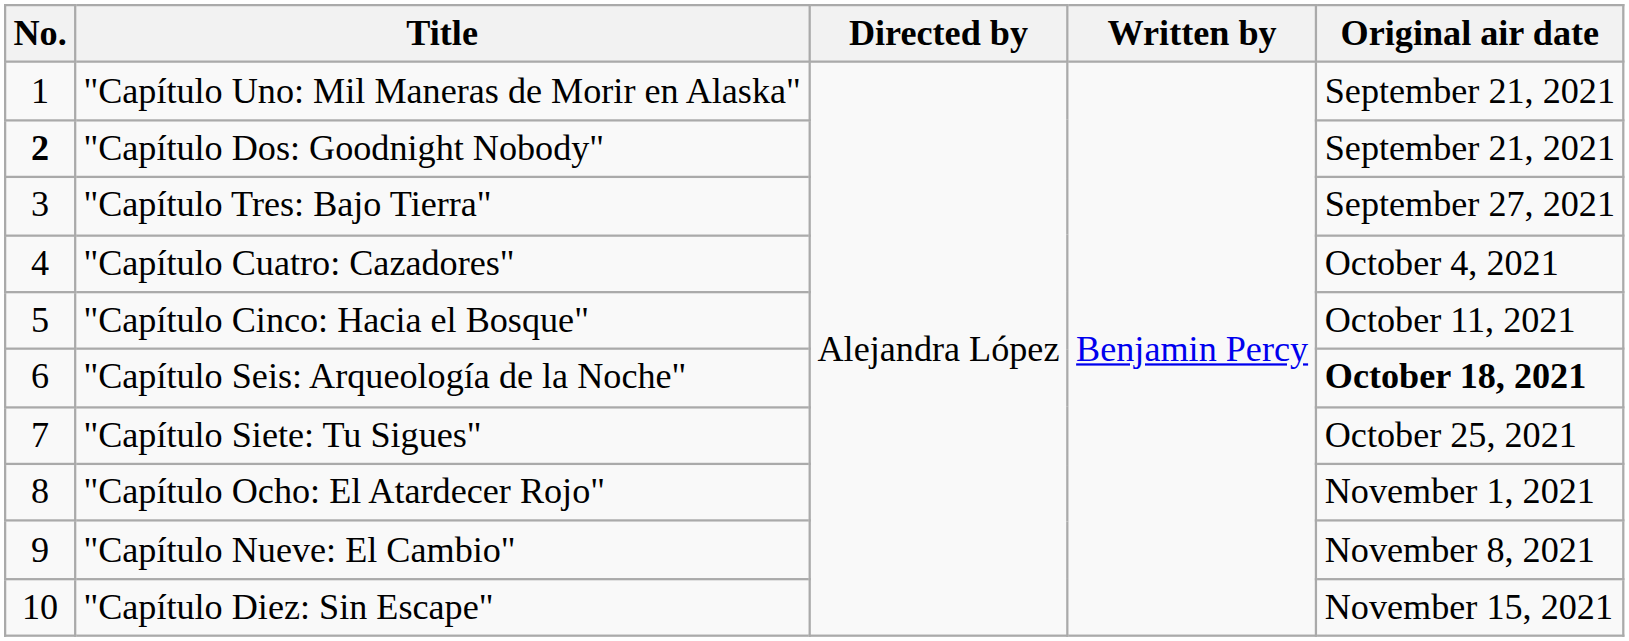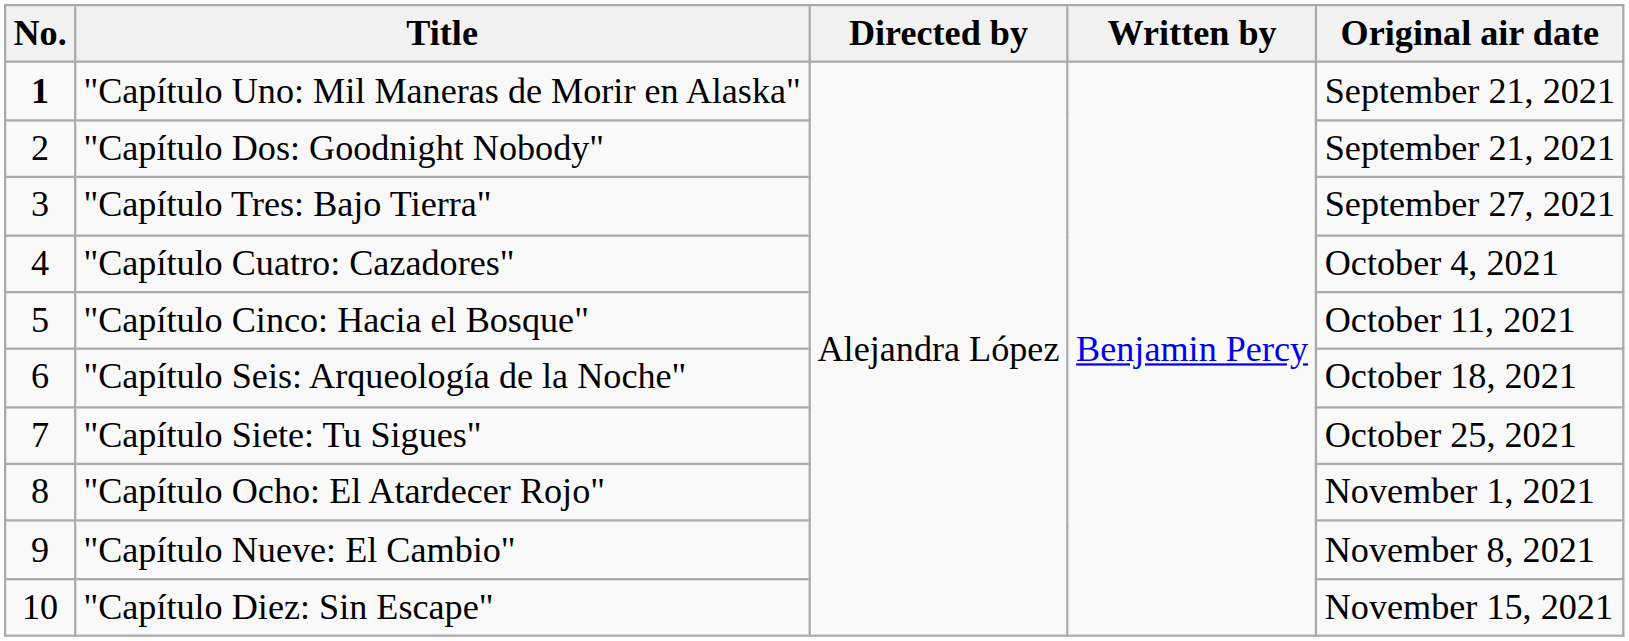 <table class="wikitable">
 <tr>
 <th>No.</th>
 <th>Title</th>
 <th>Directed by</th>
 <th>Written by</th>
 <th>Original air date</th>
 </tr>
 <tr>
-<td align=center>1</td>
+<td align=center><strong>1</strong></td>
 <td>"Capítulo Uno: Mil Maneras de Morir en Alaska"</td>
 <td rowspan=10>Alejandra López</td>
 <td rowspan=10><a href='#'>Benjamin Percy</a></td>
 <td>September 21, 2021</td>
 </tr>
 <tr>
-<td align=center><strong>2</strong></td>
+<td align=center>2</td>
 <td>"Capítulo Dos: Goodnight Nobody"</td>
 <td>September 21, 2021</td>
 </tr>
 <tr>
 <td align=center>3</td>
 <td>"Capítulo Tres: Bajo Tierra"</td>
 <td>September 27, 2021</td>
 </tr>
 <tr>
 <td align=center>4</td>
 <td>"Capítulo Cuatro: Cazadores"</td>
 <td>October 4, 2021</td>
 </tr>
 <tr>
 <td align=center>5</td>
 <td>"Capítulo Cinco: Hacia el Bosque"</td>
 <td>October 11, 2021</td>
 </tr>
 <tr>
 <td align=center>6</td>
 <td>"Capítulo Seis: Arqueología de la Noche"</td>
-<td><strong>October 18, 2021</strong></td>
+<td>October 18, 2021</td>
 </tr>
 <tr>
 <td align=center>7</td>
 <td>"Capítulo Siete: Tu Sigues"</td>
 <td>October 25, 2021</td>
 </tr>
 <tr>
 <td align=center>8</td>
 <td>"Capítulo Ocho: El Atardecer Rojo"</td>
 <td>November 1, 2021</td>
 </tr>
 <tr>
 <td align=center>9</td>
 <td>"Capítulo Nueve: El Cambio"</td>
 <td>November 8, 2021</td>
 </tr>
 <tr>
 <td align=center>10</td>
 <td>"Capítulo Diez: Sin Escape"</td>
 <td>November 15, 2021</td>
 </tr>
 </table>
